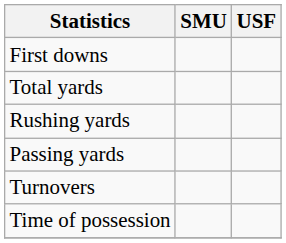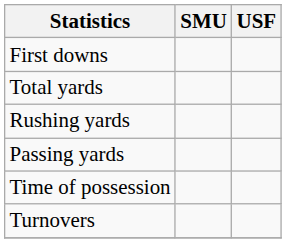 <table class="wikitable">
 <tr>
 <th>Statistics</th>
 <th>SMU</th>
 <th>USF</th>
 </tr>
 <tr>
 <td>First downs</td>
 <td></td>
 <td></td>
 </tr>
 <tr>
 <td>Total yards</td>
 <td></td>
 <td></td>
 </tr>
 <tr>
 <td>Rushing yards</td>
 <td></td>
 <td></td>
 </tr>
 <tr>
 <td>Passing yards</td>
 <td></td>
 <td></td>
 </tr>
 <tr>
-<td>Turnovers</td>
+<td>Time of possession</td>
 <td></td>
 <td></td>
 </tr>
 <tr>
-<td>Time of possession</td>
+<td>Turnovers</td>
 <td></td>
 <td></td>
 </tr>
 <tr>
 </tr>
 </table>
